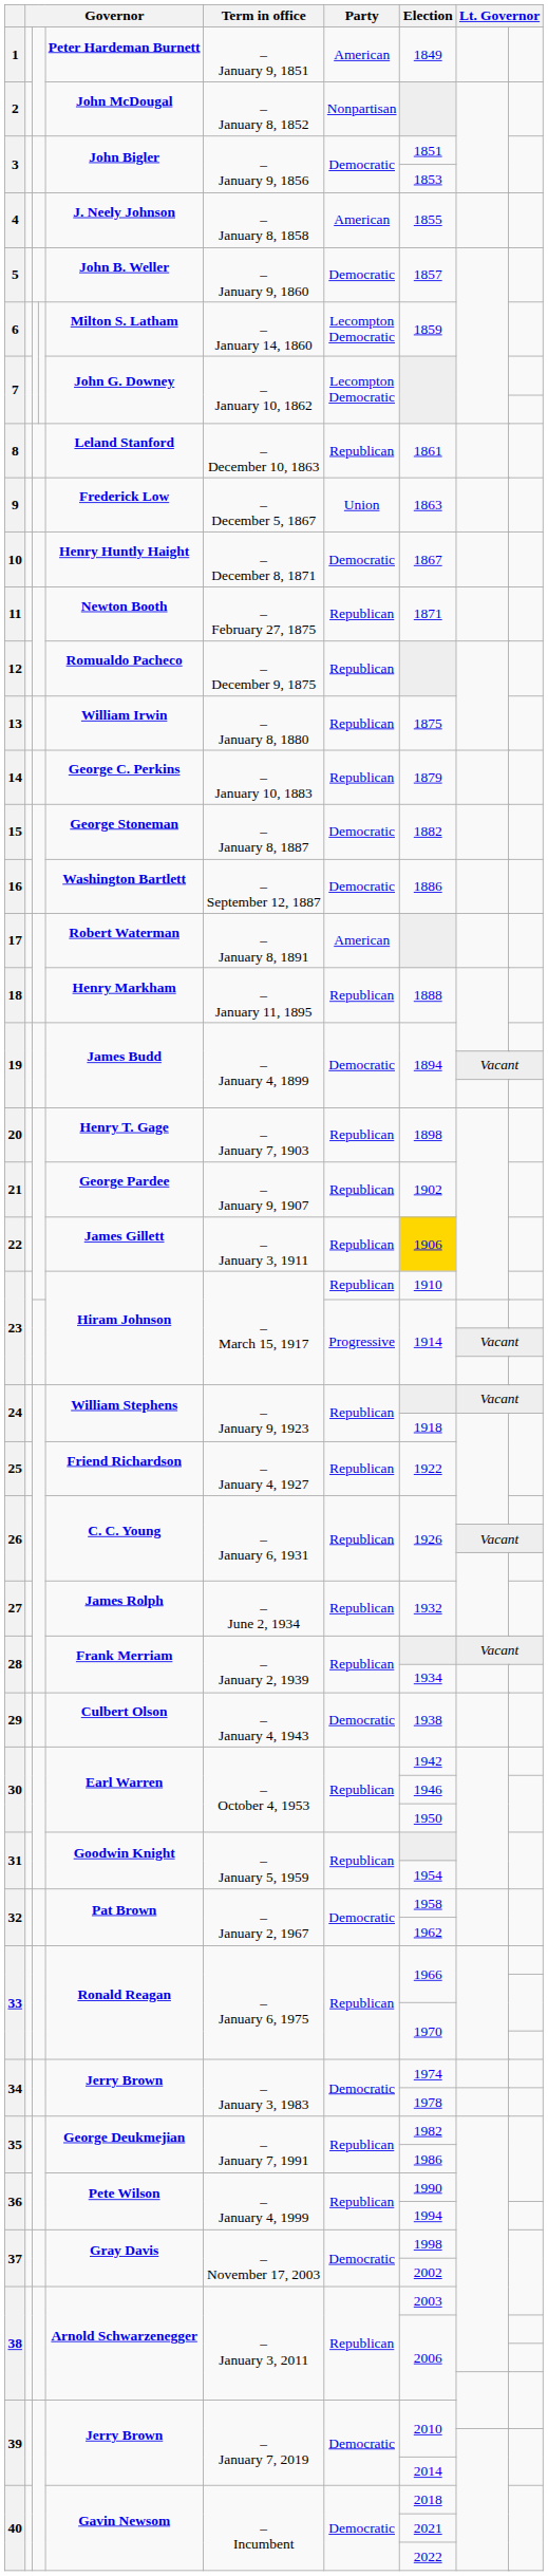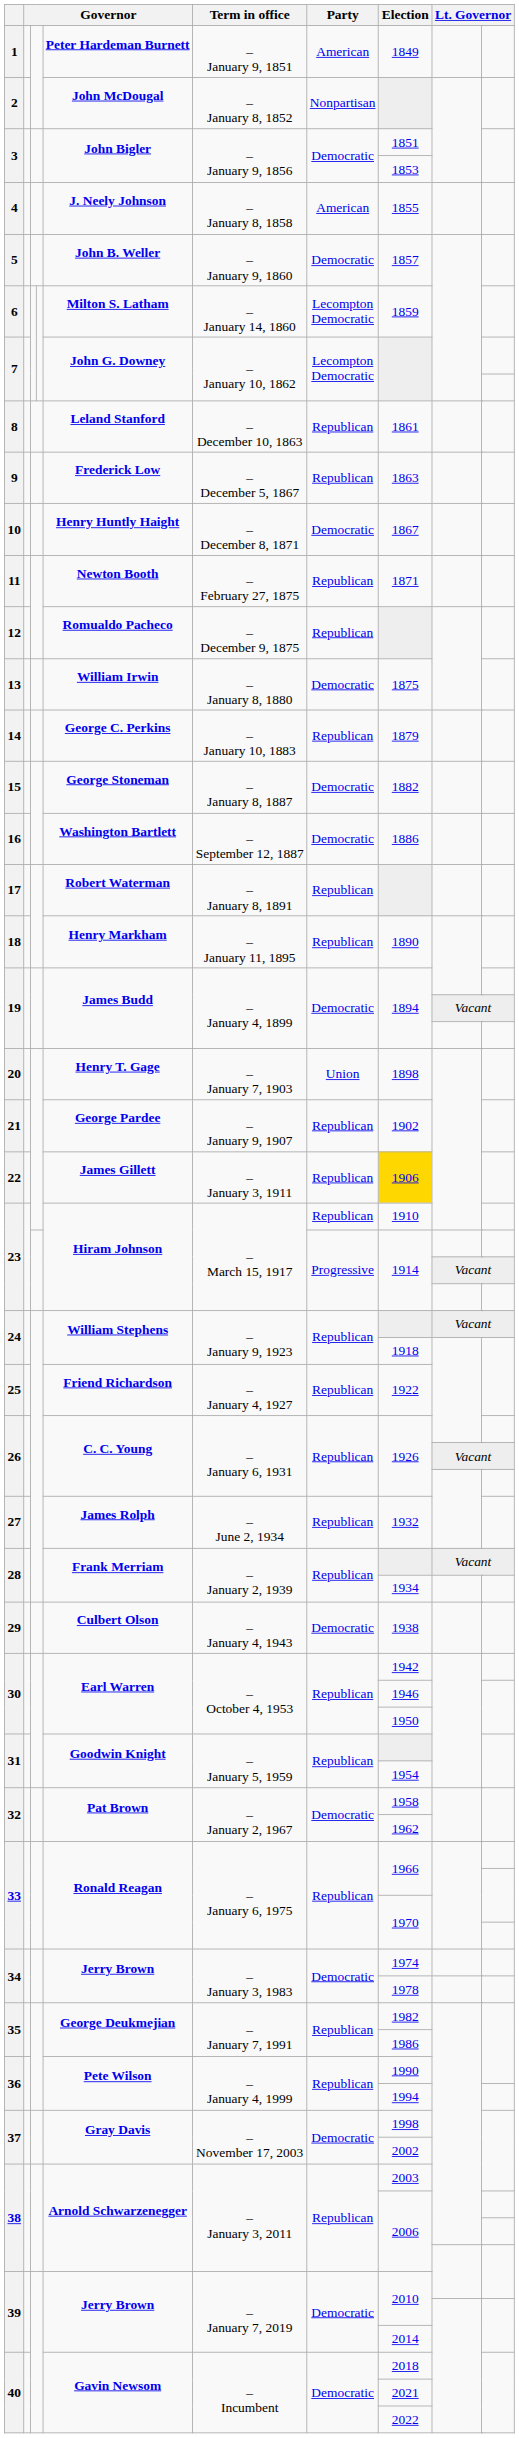 <table class="wikitable sortable mw-collapsible sticky-header-multi" style="text-align:center;">
 <tr>
 <th scope="col" data-sort-type="number"></th>
 <th scope="colgroup" colspan="4">Governor</th>
 <th scope="col">Term in office</th>
 <th scope="col">Party</th>
 <th scope="col">Election</th>
 <th scope="colgroup" colspan="3"><a href='#'>Lt. Governor</a></th>
 </tr>
 <tr style="height:2em;">
 <th scope="row">1</th>
 <td data-sort-value="Burnett, Peter"></td>
 <td colspan="2" rowspan="2" style="background:"> </td>
 <td><strong><a href='#'>Peter Hardeman Burnett</a></strong><br><br></td>
 <td><br>–<br>January 9, 1851<br></td>
 <td><a href='#'>American</a></td>
 <td><a href='#'>1849</a></td>
 <td colspan="2" style="background:"> </td>
 <td></td>
 </tr>
 <tr style="height:2em;">
 <th scope="row">2</th>
 <td data-sort-value="McDougal, John"></td>
 <td><strong><a href='#'>John McDougal</a></strong><br><br></td>
 <td><br>–<br>January 8, 1852<br></td>
 <td><a href='#'>Nonpartisan</a></td>
 <td style="background:#EEEEEE;"></td>
 <td colspan="2" rowspan="3" style="background:"></td>
 <td><br></td>
 </tr>
 <tr style="height:2em;">
 <th rowspan="2" scope="rowgroup">3</th>
 <td rowspan="2" data-sort-value="Bigler, John"></td>
 <td colspan="2" rowspan="2" style="background:"></td>
 <td rowspan="2"><strong><a href='#'>John Bigler</a></strong><br><br></td>
 <td rowspan="2"><br>–<br>January 9, 1856<br></td>
 <td rowspan="2"><a href='#'>Democratic</a></td>
 <td><a href='#'>1851</a></td>
 <td rowspan="2"></td>
 </tr>
 <tr style="height:2em;">
 <td><a href='#'>1853</a></td>
 </tr>
 <tr style="height:2em;">
 <th scope="row">4</th>
 <td data-sort-value="Johnson, J. Neely"></td>
 <td colspan="2" style="background:"></td>
 <td><strong><a href='#'>J. Neely Johnson</a></strong><br><br></td>
 <td><br>–<br>January 8, 1858<br></td>
 <td><a href='#'>American</a></td>
 <td><a href='#'>1855</a></td>
 <td colspan="2" style="background:"></td>
 <td></td>
 </tr>
 <tr style="height:2em;">
 <th scope="row">5</th>
 <td data-sort-value="Weller, John"></td>
 <td colspan="2" style="background:"></td>
 <td><strong><a href='#'>John B. Weller</a></strong><br><br></td>
 <td><br>–<br>January 9, 1860<br></td>
 <td><a href='#'>Democratic</a></td>
 <td><a href='#'>1857</a></td>
 <td colspan="2" rowspan="4" style="background:"></td>
 <td></td>
 </tr>
 <tr style="height:2em;">
 <th scope="row">6</th>
 <td data-sort-value="Latham, Milton"></td>
 <td rowspan="3" style="background:"></td>
 <td rowspan="3" style="background:"></td>
 <td><strong><a href='#'>Milton S. Latham</a></strong><br><br></td>
 <td><br>–<br>January 14, 1860<br></td>
 <td><a href='#'>Lecompton</a><br><a href='#'>Democratic</a></td>
 <td><a href='#'>1859</a></td>
 <td></td>
 </tr>
 <tr style="height:2em;">
 <th rowspan="2" scope="rowgroup">7</th>
 <td rowspan="2" data-sort-value="Downey, John"></td>
 <td rowspan="2"><strong><a href='#'>John G. Downey</a></strong><br><br></td>
 <td rowspan="2"><br>–<br>January 10, 1862<br></td>
 <td rowspan="2"><a href='#'>Lecompton</a><br><a href='#'>Democratic</a></td>
 <td rowspan="2" style="background:#EEEEEE;"></td>
 <td><br><br></td>
 </tr>
 <tr style="height:2em;">
 <td><br></td>
 </tr>
 <tr style="height:2em;">
 <th scope="row">8</th>
 <td data-sort-value="Stanford, Leland"></td>
 <td colspan="2" style="background:"></td>
 <td><strong><a href='#'>Leland Stanford</a></strong><br><br></td>
 <td><br>–<br> December 10, 1863<br></td>
 <td><a href='#'>Republican</a></td>
 <td><a href='#'>1861</a></td>
 <td colspan="2" style="background:"></td>
 <td></td>
 </tr>
 <tr style="height:2em;">
 <th scope="row">9</th>
 <td data-sort-value="Low, Frederick"></td>
 <td colspan="2" style="background:"></td>
 <td><strong><a href='#'>Frederick Low</a></strong><br><br></td>
 <td><br>–<br>December 5, 1867<br></td>
-<td><a href='#'>Union</a></td>
+<td><a href='#'>Republican</a></td>
 <td><a href='#'>1863</a></td>
 <td colspan="2" style="background:"></td>
 <td></td>
 </tr>
 <tr style="height:2em;">
 <th scope="row">10</th>
 <td data-sort-value="Haight, Henry"></td>
 <td colspan="2" style="background:"></td>
 <td><strong><a href='#'>Henry Huntly Haight</a></strong><br><br></td>
 <td><br>–<br>December 8, 1871<br></td>
 <td><a href='#'>Democratic</a></td>
 <td><a href='#'>1867</a></td>
 <td colspan="2" style="background:"></td>
 <td></td>
 </tr>
 <tr style="height:2em;">
 <th scope="row">11</th>
 <td data-sort-value="Booth, Newton"></td>
 <td colspan="2" rowspan="2" style="background:"></td>
 <td><strong><a href='#'>Newton Booth</a></strong><br><br></td>
 <td><br>–<br>February 27, 1875<br></td>
 <td><a href='#'>Republican</a></td>
 <td><a href='#'>1871</a></td>
 <td colspan="2" style="background:"></td>
 <td></td>
 </tr>
 <tr style="height:2em;">
 <th scope="row">12</th>
 <td data-sort-value="Pacheco, Romualdo"></td>
 <td><strong><a href='#'>Romualdo Pacheco</a></strong><br><br></td>
 <td><br>–<br>December 9, 1875<br></td>
 <td><a href='#'>Republican</a></td>
 <td style="background:#EEEEEE;"></td>
 <td colspan="2" rowspan="2" style="background:"></td>
 <td><br></td>
 </tr>
 <tr style="height:2em;">
 <th scope="row">13</th>
 <td data-sort-value="Irwin, William"></td>
 <td colspan="2" style="background:"></td>
 <td><strong><a href='#'>William Irwin</a></strong><br><br></td>
 <td><br>–<br>January 8, 1880<br></td>
-<td><a href='#'>Republican</a></td>
+<td><a href='#'>Democratic</a></td>
 <td><a href='#'>1875</a></td>
 <td></td>
 </tr>
 <tr style="height:2em;">
 <th scope="row">14</th>
 <td data-sort-value="Perkins, George"></td>
 <td colspan="2" style="background:"></td>
 <td><strong><a href='#'>George C. Perkins</a></strong><br><br></td>
 <td><br>–<br>January 10, 1883<br></td>
 <td><a href='#'>Republican</a></td>
 <td><a href='#'>1879</a></td>
 <td colspan="2" style="background:"></td>
 <td></td>
 </tr>
 <tr style="height:2em;">
 <th scope="row">15</th>
 <td data-sort-value="Stoneman, George"></td>
 <td colspan="2" rowspan="2" style="background:"></td>
 <td><strong><a href='#'>George Stoneman</a></strong><br><br></td>
 <td><br>–<br>January 8, 1887<br></td>
 <td><a href='#'>Democratic</a></td>
 <td><a href='#'>1882</a></td>
 <td colspan="2" style="background:"></td>
 <td></td>
 </tr>
 <tr style="height:2em;">
 <th scope="row">16</th>
 <td data-sort-value="Bartlett, Washington"></td>
 <td><strong><a href='#'>Washington Bartlett</a></strong><br><br></td>
 <td><br>–<br>September 12, 1887<br></td>
 <td><a href='#'>Democratic</a></td>
 <td><a href='#'>1886</a></td>
 <td colspan="2" style="background:"></td>
 <td></td>
 </tr>
 <tr style="height:2em;">
 <th scope="row">17</th>
 <td data-sort-value="Waterman, Robert"></td>
 <td colspan="2" rowspan="2" style="background:"></td>
 <td><strong><a href='#'>Robert Waterman</a></strong><br><br></td>
 <td><br>–<br>January 8, 1891<br></td>
-<td><a href='#'>American</a></td>
+<td><a href='#'>Republican</a></td>
 <td style="background:#EEEEEE;"></td>
 <td colspan="2" style="background:"></td>
 <td><br></td>
 </tr>
 <tr style="height:2em;">
 <th scope="row">18</th>
 <td data-sort-value="Markham, Henry"></td>
 <td><strong><a href='#'>Henry Markham</a></strong><br><br></td>
 <td><br>–<br>January 11, 1895<br></td>
 <td><a href='#'>Republican</a></td>
-<td><a href='#'>1888</a></td>
+<td><a href='#'>1890</a></td>
 <td colspan="2" rowspan="2" style="background:"></td>
 <td></td>
 </tr>
 <tr style="height:2em;">
 <th rowspan="3" scope="rowgroup">19</th>
 <td rowspan="3" data-sort-value="Budd, James"></td>
 <td colspan="2" rowspan="3" style="background:"></td>
 <td rowspan="3"><strong><a href='#'>James Budd</a></strong><br><br></td>
 <td rowspan="3"><br>–<br>January 4, 1899<br></td>
 <td rowspan="3"><a href='#'>Democratic</a></td>
 <td rowspan="3"><a href='#'>1894</a></td>
 <td><br></td>
 </tr>
 <tr style="height:2em;">
 <td colspan="3" style="background:#EEEEEE;"><em>Vacant</em></td>
 </tr>
 <tr style="height:2em;">
 <td colspan="2" style="background:"></td>
 <td><br></td>
 </tr>
 <tr style="height:2em;">
 <th scope="row">20</th>
 <td data-sort-value="Gage, Henry"></td>
 <td colspan="2" rowspan="4" style="background:"></td>
 <td><strong><a href='#'>Henry T. Gage</a></strong><br><br></td>
 <td><br>–<br>January 7, 1903<br></td>
-<td><a href='#'>Republican</a></td>
+<td><a href='#'>Union</a></td>
 <td><a href='#'>1898</a></td>
 <td colspan="2" rowspan="4" style="background:"></td>
 <td></td>
 </tr>
 <tr style="height:2em;">
 <th scope="row">21</th>
 <td data-sort-value="Pardee, George"></td>
 <td><strong><a href='#'>George Pardee</a></strong><br><br></td>
 <td><br>–<br>January 9, 1907<br></td>
 <td><a href='#'>Republican</a></td>
 <td><a href='#'>1902</a></td>
 <td></td>
 </tr>
 <tr style="height:2em;">
 <th scope="row">22</th>
 <td data-sort-value="Gillett, James"></td>
 <td><strong><a href='#'>James Gillett</a></strong><br><br></td>
 <td><br>–<br>January 3, 1911<br></td>
 <td><a href='#'>Republican</a></td>
 <td style="background: gold;"><a href='#'>1906</a></td>
 <td></td>
 </tr>
 <tr style="height:2em;">
 <th rowspan="4" scope="rowgroup">23</th>
 <td rowspan="4" data-sort-value="Johnson, Hiram"></td>
 <td rowspan="4"><strong><a href='#'>Hiram Johnson</a></strong><br><br></td>
 <td rowspan="4"><br>–<br>March 15, 1917<br></td>
 <td><a href='#'>Republican</a></td>
 <td><a href='#'>1910</a></td>
 <td></td>
 </tr>
 <tr style="height:2em;">
 <td colspan="2" rowspan="3" style="background:"></td>
 <td rowspan="3"><a href='#'>Progressive</a></td>
 <td rowspan="3"><a href='#'>1914</a></td>
 <td colspan="2" style="background:"></td>
 <td><br></td>
 </tr>
 <tr style="height:2em;">
 <td colspan="3" style="background:#EEEEEE;"><em>Vacant</em></td>
 </tr>
 <tr style="height:2em;">
 <td colspan="2" style="background:"></td>
 <td><br></td>
 </tr>
 <tr style="height:2em;">
 <th rowspan="2" scope="rowgroup">24</th>
 <td rowspan="2" data-sort-value="Stephens, William"></td>
 <td colspan="2" rowspan="9" style="background:"></td>
 <td rowspan="2"><strong><a href='#'>William Stephens</a></strong><br><br></td>
 <td rowspan="2"><br>–<br>January 9, 1923<br></td>
 <td rowspan="2"><a href='#'>Republican</a></td>
 <td style="background:#EEEEEE;"></td>
 <td colspan="3" style="background:#EEEEEE;"><em>Vacant</em></td>
 </tr>
 <tr style="height:2em;">
 <td><a href='#'>1918</a></td>
 <td colspan="2" rowspan="3" style="background:"></td>
 <td rowspan="2"></td>
 </tr>
 <tr style="height:2em;">
 <th scope="row">25</th>
 <td data-sort-value="Richardson, Friend"></td>
 <td><strong><a href='#'>Friend Richardson</a></strong><br><br></td>
 <td><br>–<br>January 4, 1927<br></td>
 <td><a href='#'>Republican</a></td>
 <td><a href='#'>1922</a></td>
 </tr>
 <tr style="height:2em;">
 <th rowspan="3" scope="rowgroup">26</th>
 <td rowspan="3" data-sort-value="Young, C. C."></td>
 <td rowspan="3"><strong><a href='#'>C. C. Young</a></strong><br><br></td>
 <td rowspan="3"><br>–<br>January 6, 1931<br></td>
 <td rowspan="3"><a href='#'>Republican</a></td>
 <td rowspan="3"><a href='#'>1926</a></td>
 <td><br></td>
 </tr>
 <tr style="height:2em;">
 <td colspan="3" style="background:#EEEEEE;"><em>Vacant</em></td>
 </tr>
 <tr style="height:2em;">
 <td colspan="2" rowspan="2" style="background:"></td>
 <td><br></td>
 </tr>
 <tr style="height:2em;">
 <th scope="row">27</th>
 <td data-sort-value="Rolph, James"></td>
 <td><strong><a href='#'>James Rolph</a></strong><br><br></td>
 <td><br>–<br>June 2, 1934<br></td>
 <td><a href='#'>Republican</a></td>
 <td><a href='#'>1932</a></td>
 <td></td>
 </tr>
 <tr style="height:2em;">
 <th rowspan="2" scope="rowgroup">28</th>
 <td rowspan="2" data-sort-value="Merriam, Frank"></td>
 <td rowspan="2"><strong><a href='#'>Frank Merriam</a></strong><br><br></td>
 <td rowspan="2"><br>–<br>January 2, 1939<br></td>
 <td rowspan="2"><a href='#'>Republican</a></td>
 <td style="background:#EEEEEE;"></td>
 <td colspan="3" style="background:#EEEEEE;"><em>Vacant</em></td>
 </tr>
 <tr style="height:2em;">
 <td><a href='#'>1934</a></td>
 <td colspan="2" style="background:"></td>
 <td></td>
 </tr>
 <tr style="height:2em;">
 <th scope="row">29</th>
 <td data-sort-value="Olson, Culbert"></td>
 <td colspan="2" style="background:"></td>
 <td><strong><a href='#'>Culbert Olson</a></strong><br><br></td>
 <td><br>–<br>January 4, 1943<br></td>
 <td><a href='#'>Democratic</a></td>
 <td><a href='#'>1938</a></td>
 <td colspan="2" style="background:"></td>
 <td></td>
 </tr>
 <tr style="height:2em;">
 <th rowspan="3" scope="rowgroup">30</th>
 <td rowspan="3" data-sort-value="Warren, Earl"></td>
 <td colspan="2" rowspan="5" style="background:"></td>
 <td rowspan="3"><strong><a href='#'>Earl Warren</a></strong><br><br></td>
 <td rowspan="3"><br>–<br>October 4, 1953<br></td>
 <td rowspan="3"><a href='#'>Republican</a></td>
 <td><a href='#'>1942</a></td>
 <td colspan="2" rowspan="5" style="background:"></td>
 <td></td>
 </tr>
 <tr style="height:2em;">
 <td><a href='#'>1946</a></td>
 <td rowspan="2"></td>
 </tr>
 <tr style="height:2em;">
 <td><a href='#'>1950</a></td>
 </tr>
 <tr style="height:2em;">
 <th rowspan="2" scope="rowgroup">31</th>
 <td rowspan="2" data-sort-value="Knight, Goodwin"></td>
 <td rowspan="2"><strong><a href='#'>Goodwin Knight</a></strong><br><br></td>
 <td rowspan="2"><br>–<br>January 5, 1959<br></td>
 <td rowspan="2"><a href='#'>Republican</a></td>
 <td style="background:#EEEEEE;"></td>
 <td rowspan="2"></td>
 </tr>
 <tr style="height:2em;">
 <td><a href='#'>1954</a></td>
 </tr>
 <tr style="height:2em;">
 <th rowspan="2" scope="rowgroup">32</th>
 <td rowspan="2" data-sort-value="Brown, Pat"></td>
 <td colspan="2" rowspan="2" style="background:"></td>
 <td rowspan="2"><strong><a href='#'>Pat Brown</a></strong><br><br></td>
 <td rowspan="2"><br>–<br>January 2, 1967<br></td>
 <td rowspan="2"><a href='#'>Democratic</a></td>
 <td><a href='#'>1958</a></td>
 <td colspan="2" rowspan="2" style="background:"></td>
 <td rowspan="2"></td>
 </tr>
 <tr style="height:2em;">
 <td><a href='#'>1962</a></td>
 </tr>
 <tr style="height:2em;">
 <th rowspan="4" scope="rowgroup"><a href='#'>33</a></th>
 <td rowspan="4" data-sort-value="Reagan, Ronald"></td>
 <td colspan="2" rowspan="4" style="background:"></td>
 <td rowspan="4"><strong><a href='#'>Ronald Reagan</a></strong><br><br></td>
 <td rowspan="4"><br>–<br>January 6, 1975<br></td>
 <td rowspan="4"><a href='#'>Republican</a></td>
 <td rowspan="2"><a href='#'>1966</a></td>
 <td colspan="2" rowspan="4" style="background:"></td>
 <td><br></td>
 </tr>
 <tr style="height:2em;">
 <td rowspan="2"><br></td>
 </tr>
 <tr style="height:2em;">
 <td rowspan="2"><a href='#'>1970</a></td>
 </tr>
 <tr style="height:2em;">
 <td></td>
 </tr>
 <tr style="height:2em;">
 <th rowspan="2" scope="rowgroup">34</th>
 <td rowspan="2" data-sort-value="Brown, Jerry"></td>
 <td colspan="2" rowspan="2" style="background:"></td>
 <td rowspan="2"><strong><a href='#'>Jerry Brown</a></strong><br><br></td>
 <td rowspan="2"><br>–<br>January 3, 1983<br></td>
 <td rowspan="2"><a href='#'>Democratic</a></td>
 <td><a href='#'>1974</a></td>
 <td colspan="2" style="background:"></td>
 <td></td>
 </tr>
 <tr style="height:2em;">
 <td><a href='#'>1978</a></td>
 <td colspan="2" style="background:"></td>
 <td></td>
 </tr>
 <tr style="height:2em;">
 <th rowspan="2" scope="rowgroup">35</th>
 <td rowspan="2" data-sort-value="Deukmejian, George"></td>
 <td colspan="2" rowspan="4" style="background:"></td>
 <td rowspan="2"><strong><a href='#'>George Deukmejian</a></strong><br><br></td>
 <td rowspan="2"><br>–<br>January 7, 1991<br></td>
 <td rowspan="2"><a href='#'>Republican</a></td>
 <td><a href='#'>1982</a></td>
 <td colspan="2" rowspan="9" style="background:"></td>
 <td rowspan="3"></td>
 </tr>
 <tr style="height:2em;">
 <td><a href='#'>1986</a></td>
 </tr>
 <tr style="height:2em;">
 <th rowspan="2" scope="rowgroup">36</th>
 <td rowspan="2" data-sort-value="Wilson, Pete"></td>
 <td rowspan="2"><strong><a href='#'>Pete Wilson</a></strong><br><br></td>
 <td rowspan="2"><br>–<br>January 4, 1999<br></td>
 <td rowspan="2"><a href='#'>Republican</a></td>
 <td><a href='#'>1990</a></td>
 </tr>
 <tr style="height:2em;">
 <td><a href='#'>1994</a></td>
 <td></td>
 </tr>
 <tr style="height:2em;">
 <th rowspan="2" scope="rowgroup">37</th>
 <td rowspan="2" data-sort-value="Davis, Gray"></td>
 <td colspan="2" rowspan="2" style="background:"></td>
 <td rowspan="2"><strong><a href='#'>Gray Davis</a></strong><br><br></td>
 <td rowspan="2"><br>–<br>November 17, 2003<br></td>
 <td rowspan="2"><a href='#'>Democratic</a></td>
 <td><a href='#'>1998</a></td>
 <td rowspan="3"></td>
 </tr>
 <tr style="height:2em;">
 <td><a href='#'>2002</a></td>
 </tr>
 <tr style="height:2em;">
 <th rowspan="4" scope="rowgroup"><a href='#'>38</a></th>
 <td rowspan="4" data-sort-value="Schwarzenegger, Arnold"></td>
 <td colspan="2" rowspan="4" style="background:"></td>
 <td rowspan="4"><strong><a href='#'>Arnold Schwarzenegger</a></strong><br><br></td>
 <td rowspan="4"><br>–<br>January 3, 2011<br></td>
 <td rowspan="4"><a href='#'>Republican</a></td>
 <td><a href='#'>2003</a><br></td>
 </tr>
 <tr style="height:2em;">
 <td rowspan="3"><a href='#'>2006</a></td>
 <td><br></td>
 </tr>
 <tr style="height:2em;">
 <td><br></td>
 </tr>
 <tr style="height:2em;">
 <td colspan="2" rowspan="2" style="background:"></td>
 <td rowspan="2"><br></td>
 </tr>
 <tr style="height:2em;">
 <th rowspan="3" scope="rowgroup">39</th>
 <td rowspan="3" data-sort-value="Brown, Jerry"></td>
 <td colspan="2" rowspan="6" style="background:"></td>
 <td rowspan="3"><strong><a href='#'>Jerry Brown</a></strong><br><br></td>
 <td rowspan="3"><br>–<br>January 7, 2019<br></td>
 <td rowspan="3"><a href='#'>Democratic</a></td>
 <td rowspan="2"><a href='#'>2010</a></td>
 </tr>
 <tr style="height:2em;">
 <td colspan="2" rowspan="5" style="background:"></td>
 <td rowspan="2"><br></td>
 </tr>
 <tr style="height:2em;">
 <td><a href='#'>2014</a></td>
 </tr>
 <tr style="height:2em;">
 <th rowspan="3" scope="rowgroup">40</th>
 <td rowspan="3" data-sort-value="Newsom, Gavin"></td>
 <td rowspan="3"><strong><a href='#'>Gavin Newsom</a></strong><br><br></td>
 <td rowspan="3"><br>–<br>Incumbent</td>
 <td rowspan="3"><a href='#'>Democratic</a></td>
 <td><a href='#'>2018</a></td>
 <td rowspan="3"></td>
 </tr>
 <tr style="height:2em;">
 <td><a href='#'>2021</a><br></td>
 </tr>
 <tr style="height:2em;">
 <td><a href='#'>2022</a></td>
 </tr>
 </table>
